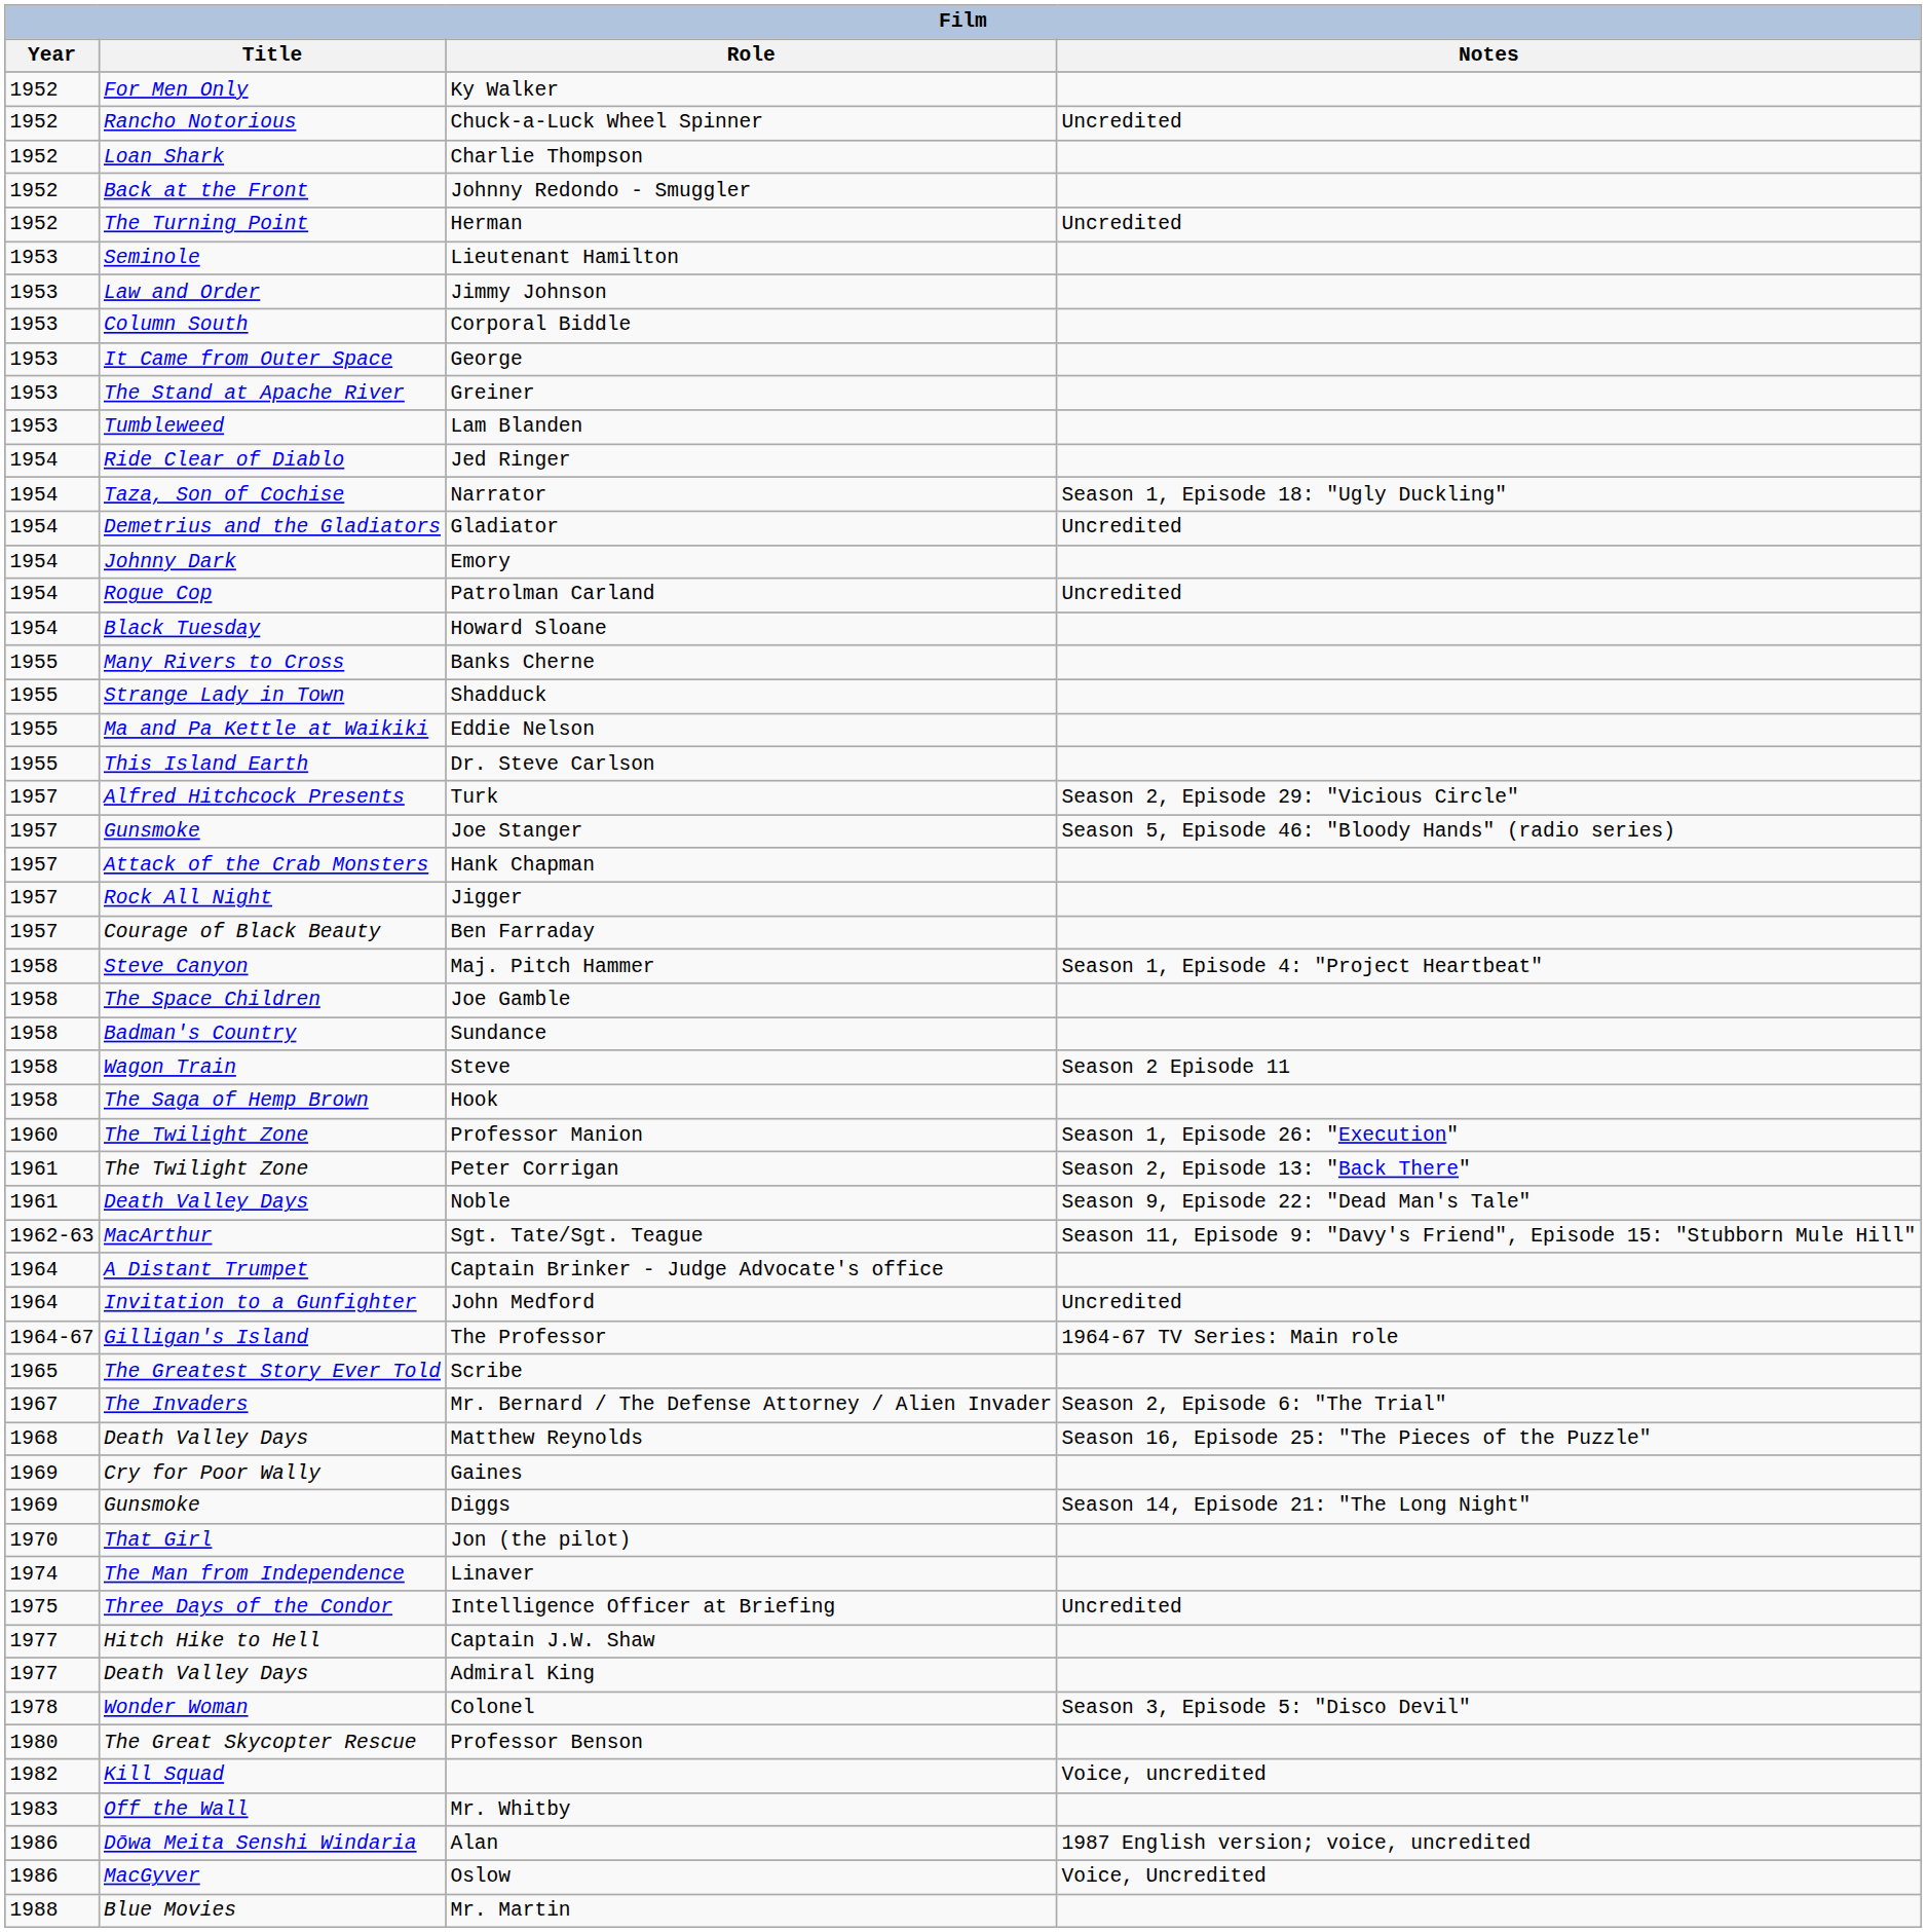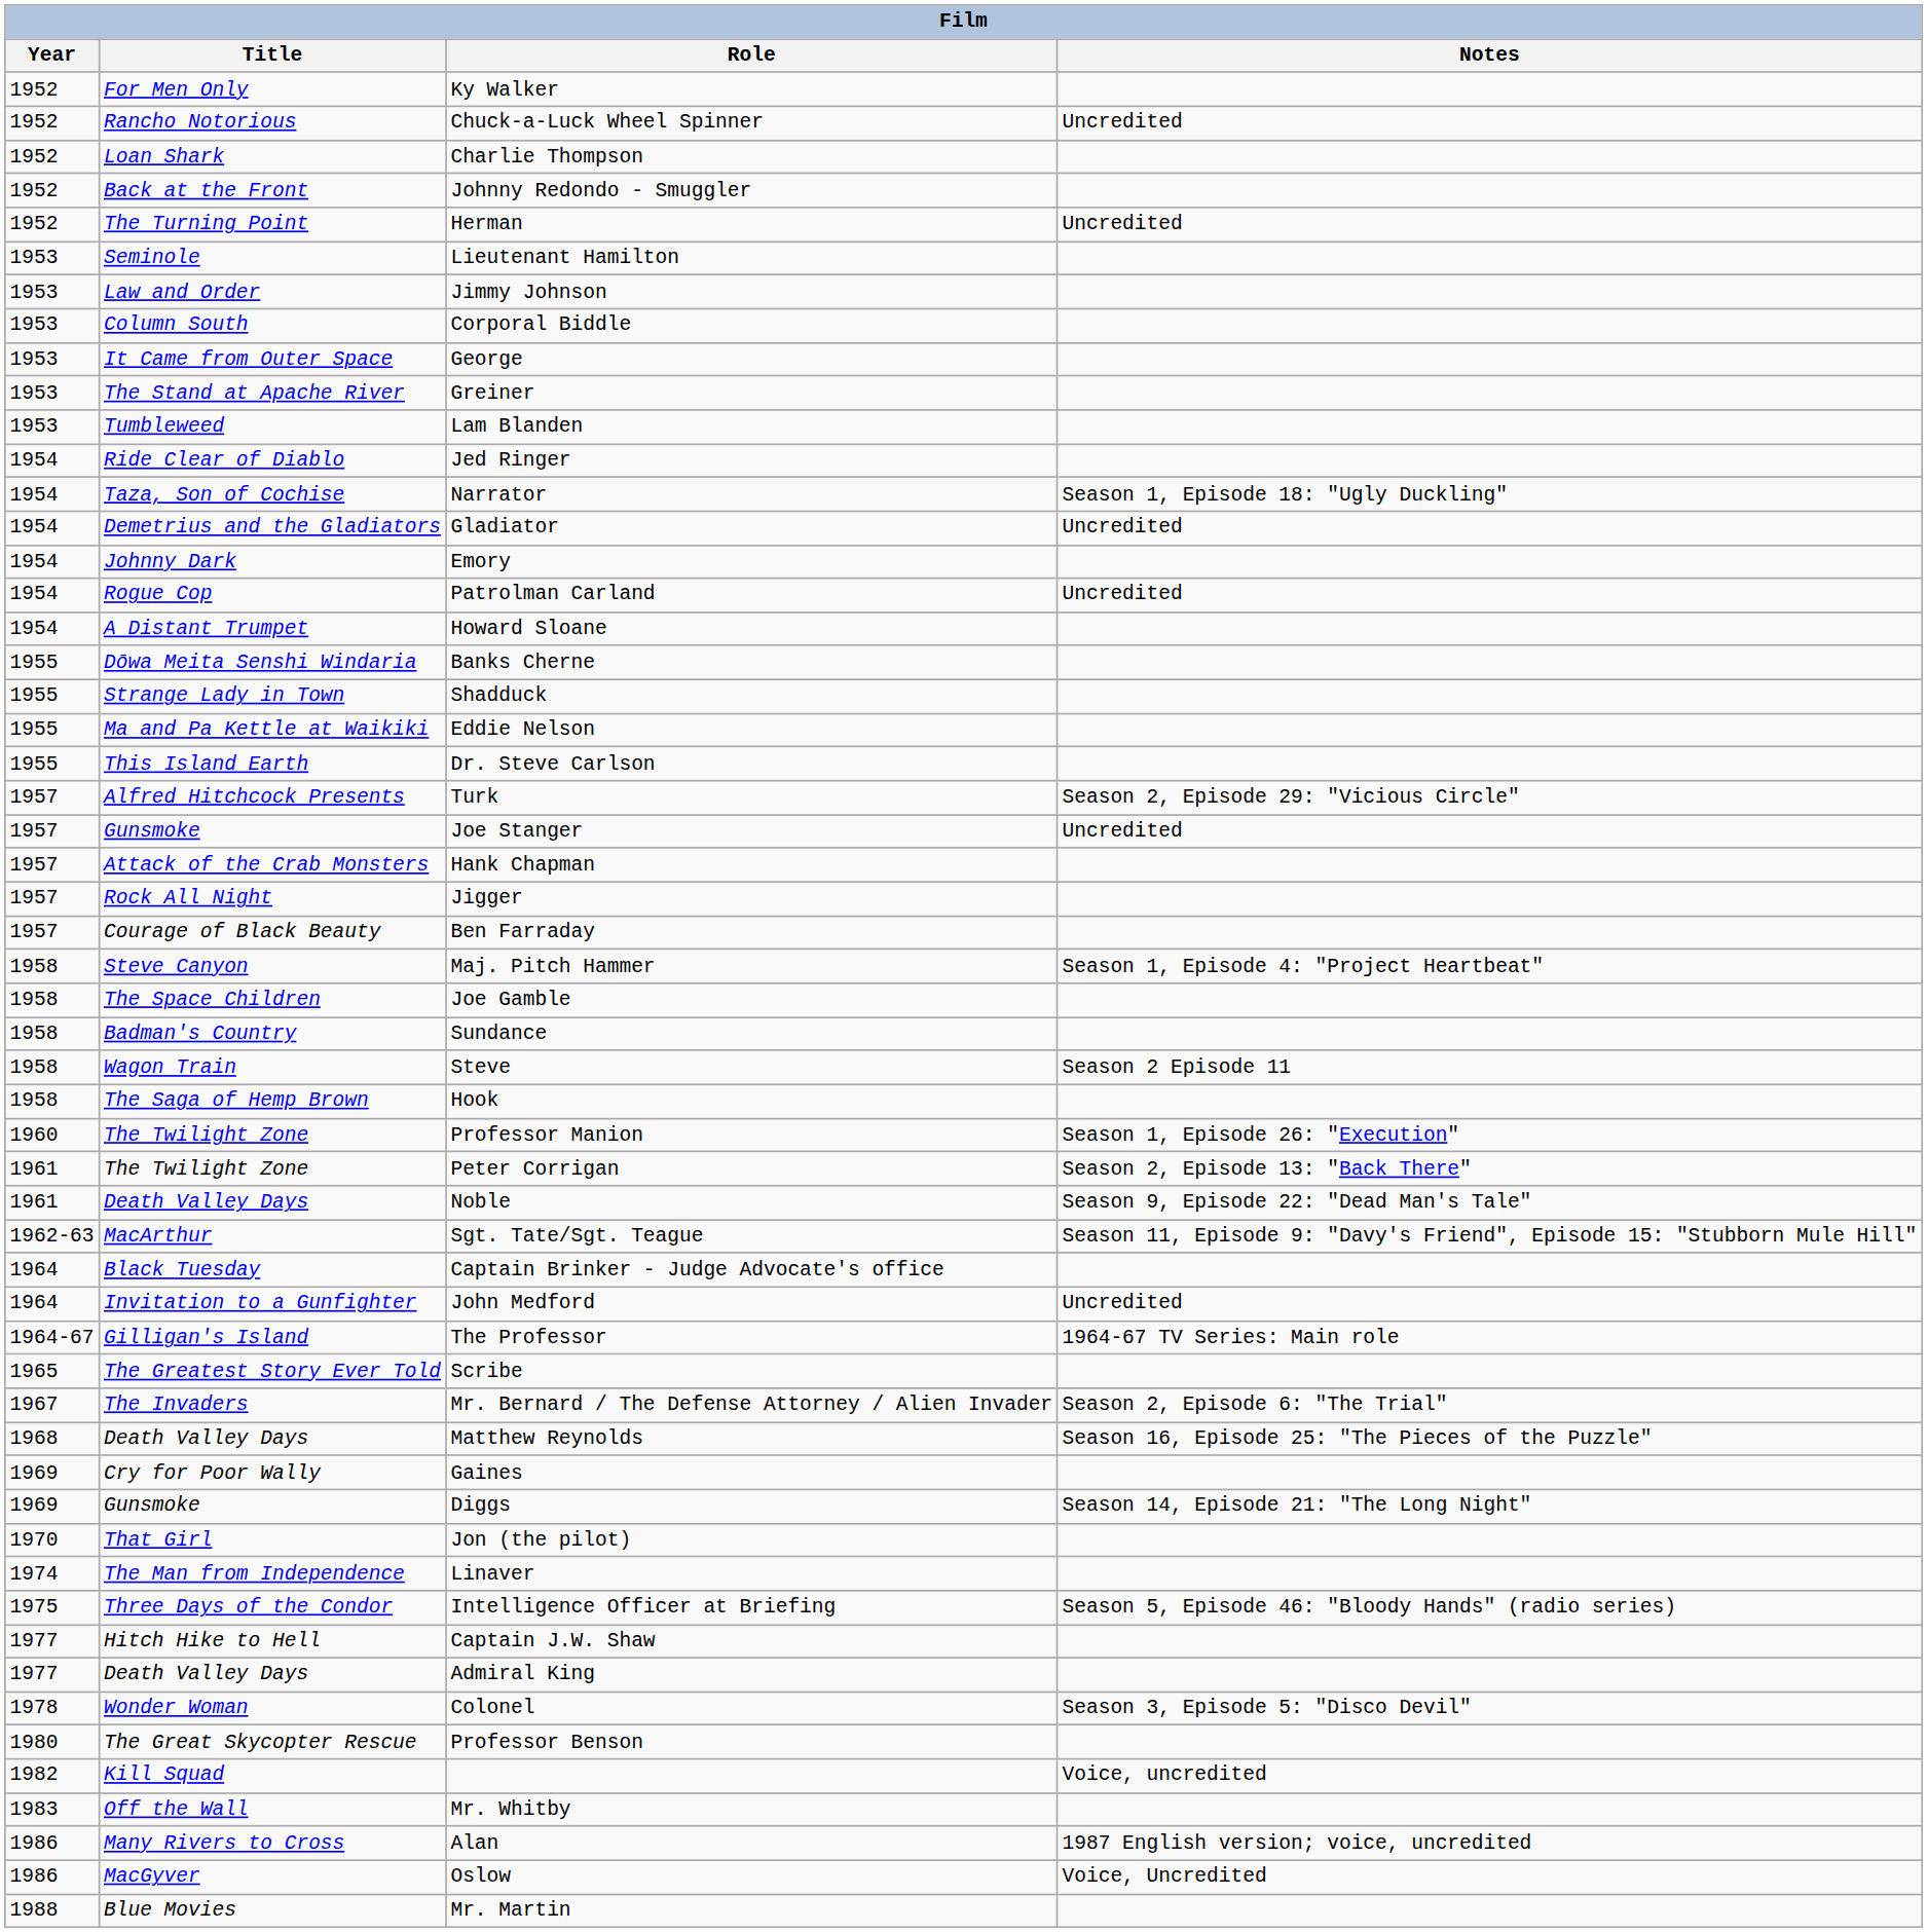 <table class="wikitable" style="font-size: 90%;">
 <tr>
 <th colspan="4" style="background: LightSteelBlue;">Film</th>
 </tr>
 <tr>
 <th>Year</th>
 <th>Title</th>
 <th>Role</th>
 <th>Notes</th>
 </tr>
 <tr>
 <td>1952</td>
 <td><em><a href='#'>For Men Only</a></em></td>
 <td>Ky Walker</td>
 <td></td>
 </tr>
 <tr>
 <td>1952</td>
 <td><em><a href='#'>Rancho Notorious</a></em></td>
 <td>Chuck-a-Luck Wheel Spinner</td>
 <td>Uncredited</td>
 </tr>
 <tr>
 <td>1952</td>
 <td><em><a href='#'>Loan Shark</a></em></td>
 <td>Charlie Thompson</td>
 <td></td>
 </tr>
 <tr>
 <td>1952</td>
 <td><em><a href='#'>Back at the Front</a></em></td>
 <td>Johnny Redondo - Smuggler</td>
 <td></td>
 </tr>
 <tr>
 <td>1952</td>
 <td><em><a href='#'>The Turning Point</a></em></td>
 <td>Herman</td>
 <td>Uncredited</td>
 </tr>
 <tr>
 <td>1953</td>
 <td><em><a href='#'>Seminole</a></em></td>
 <td>Lieutenant Hamilton</td>
 <td></td>
 </tr>
 <tr>
 <td>1953</td>
 <td><em><a href='#'>Law and Order</a></em></td>
 <td>Jimmy Johnson</td>
 <td></td>
 </tr>
 <tr>
 <td>1953</td>
 <td><em><a href='#'>Column South</a></em></td>
 <td>Corporal Biddle</td>
 <td></td>
 </tr>
 <tr>
 <td>1953</td>
 <td><em><a href='#'>It Came from Outer Space</a></em></td>
 <td>George</td>
 <td></td>
 </tr>
 <tr>
 <td>1953</td>
 <td><em><a href='#'>The Stand at Apache River</a></em></td>
 <td>Greiner</td>
 <td></td>
 </tr>
 <tr>
 <td>1953</td>
 <td><em><a href='#'>Tumbleweed</a></em></td>
 <td>Lam Blanden</td>
 <td></td>
 </tr>
 <tr>
 <td>1954</td>
 <td><em><a href='#'>Ride Clear of Diablo</a></em></td>
 <td>Jed Ringer</td>
 <td></td>
 </tr>
 <tr>
 <td>1954</td>
 <td><em><a href='#'>Taza, Son of Cochise</a></em></td>
 <td>Narrator</td>
 <td>Season 1, Episode 18: "Ugly Duckling"</td>
 </tr>
 <tr>
 <td>1954</td>
 <td><em><a href='#'>Demetrius and the Gladiators</a></em></td>
 <td>Gladiator</td>
 <td>Uncredited</td>
 </tr>
 <tr>
 <td>1954</td>
 <td><em><a href='#'>Johnny Dark</a></em></td>
 <td>Emory</td>
 <td></td>
 </tr>
 <tr>
 <td>1954</td>
 <td><em><a href='#'>Rogue Cop</a></em></td>
 <td>Patrolman Carland</td>
 <td>Uncredited</td>
 </tr>
 <tr>
 <td>1954</td>
-<td><em><a href='#'>Black Tuesday</a></em></td>
+<td><em><a href='#'>A Distant Trumpet</a></em></td>
 <td>Howard Sloane</td>
 <td></td>
 </tr>
 <tr>
 <td>1955</td>
-<td><em><a href='#'>Many Rivers to Cross</a></em></td>
+<td><em><a href='#'>Dōwa Meita Senshi Windaria</a></em></td>
 <td>Banks Cherne</td>
 <td></td>
 </tr>
 <tr>
 <td>1955</td>
 <td><em><a href='#'>Strange Lady in Town</a></em></td>
 <td>Shadduck</td>
 <td></td>
 </tr>
 <tr>
 <td>1955</td>
 <td><em><a href='#'>Ma and Pa Kettle at Waikiki</a></em></td>
 <td>Eddie Nelson</td>
 <td></td>
 </tr>
 <tr>
 <td>1955</td>
 <td><em><a href='#'>This Island Earth</a></em></td>
 <td>Dr. Steve Carlson</td>
 <td></td>
 </tr>
 <tr>
 <td>1957</td>
 <td><em><a href='#'>Alfred Hitchcock Presents</a></em></td>
 <td>Turk</td>
 <td>Season 2, Episode 29: "Vicious Circle"</td>
 </tr>
 <tr>
 <td>1957</td>
 <td><em><a href='#'>Gunsmoke</a></em></td>
 <td>Joe Stanger</td>
-<td>Season 5, Episode 46: "Bloody Hands" (radio series)</td>
+<td>Uncredited</td>
 </tr>
 <tr>
 <td>1957</td>
 <td><em><a href='#'>Attack of the Crab Monsters</a></em></td>
 <td>Hank Chapman</td>
 <td></td>
 </tr>
 <tr>
 <td>1957</td>
 <td><em><a href='#'>Rock All Night</a></em></td>
 <td>Jigger</td>
 <td></td>
 </tr>
 <tr>
 <td>1957</td>
 <td><em>Courage of Black Beauty</em></td>
 <td>Ben Farraday</td>
 <td></td>
 </tr>
 <tr>
 <td>1958</td>
 <td><em><a href='#'>Steve Canyon</a></em></td>
 <td>Maj. Pitch Hammer</td>
 <td>Season 1, Episode 4: "Project Heartbeat"</td>
 </tr>
 <tr>
 <td>1958</td>
 <td><em><a href='#'>The Space Children</a></em></td>
 <td>Joe Gamble</td>
 <td></td>
 </tr>
 <tr>
 <td>1958</td>
 <td><em><a href='#'>Badman's Country</a></em></td>
 <td>Sundance</td>
 <td></td>
 </tr>
 <tr>
 <td>1958</td>
 <td><em><a href='#'>Wagon Train</a></em></td>
 <td>Steve</td>
 <td>Season 2 Episode 11</td>
 </tr>
 <tr>
 <td>1958</td>
 <td><em><a href='#'>The Saga of Hemp Brown</a></em></td>
 <td>Hook</td>
 <td></td>
 </tr>
 <tr>
 <td>1960</td>
 <td><em><a href='#'>The Twilight Zone</a></em></td>
 <td>Professor Manion</td>
 <td>Season 1, Episode 26: "<a href='#'>Execution</a>"</td>
 </tr>
 <tr>
 <td>1961</td>
 <td><em>The Twilight Zone</em></td>
 <td>Peter Corrigan</td>
 <td>Season 2, Episode 13: "<a href='#'>Back There</a>"</td>
 </tr>
 <tr>
 <td>1961</td>
 <td><em><a href='#'>Death Valley Days</a></em></td>
 <td>Noble</td>
 <td>Season 9, Episode 22: "Dead Man's Tale"</td>
 </tr>
 <tr>
 <td>1962-63</td>
 <td><em><a href='#'>MacArthur</a></em></td>
 <td>Sgt. Tate/Sgt. Teague</td>
 <td>Season 11, Episode 9: "Davy's Friend", Episode 15: "Stubborn Mule Hill"</td>
 </tr>
 <tr>
 <td>1964</td>
-<td><em><a href='#'>A Distant Trumpet</a></em></td>
+<td><em><a href='#'>Black Tuesday</a></em></td>
 <td>Captain Brinker - Judge Advocate's office</td>
 <td></td>
 </tr>
 <tr>
 <td>1964</td>
 <td><em><a href='#'>Invitation to a Gunfighter</a></em></td>
 <td>John Medford</td>
 <td>Uncredited</td>
 </tr>
 <tr>
 <td>1964-67</td>
 <td><em><a href='#'>Gilligan's Island</a></em></td>
 <td>The Professor</td>
 <td>1964-67 TV Series: Main role</td>
 </tr>
 <tr>
 <td>1965</td>
 <td><em><a href='#'>The Greatest Story Ever Told</a></em></td>
 <td>Scribe</td>
 <td></td>
 </tr>
 <tr>
 <td>1967</td>
 <td><em><a href='#'>The Invaders</a></em></td>
 <td>Mr. Bernard / The Defense Attorney / Alien Invader</td>
 <td>Season 2, Episode 6: "The Trial"</td>
 </tr>
 <tr>
 <td>1968</td>
 <td><em>Death Valley Days</em></td>
 <td>Matthew Reynolds</td>
 <td>Season 16, Episode 25: "The Pieces of the Puzzle"</td>
 </tr>
 <tr>
 <td>1969</td>
 <td><em>Cry for Poor Wally</em></td>
 <td>Gaines</td>
 <td></td>
 </tr>
 <tr>
 <td>1969</td>
 <td><em>Gunsmoke</em></td>
 <td>Diggs</td>
 <td>Season 14, Episode 21: "The Long Night"</td>
 </tr>
 <tr>
 <td>1970</td>
 <td><em><a href='#'>That Girl</a></em></td>
 <td>Jon (the pilot)</td>
 <td></td>
 </tr>
 <tr>
 <td>1974</td>
 <td><em><a href='#'>The Man from Independence</a></em></td>
 <td>Linaver</td>
 <td></td>
 </tr>
 <tr>
 <td>1975</td>
 <td><em><a href='#'>Three Days of the Condor</a></em></td>
 <td>Intelligence Officer at Briefing</td>
-<td>Uncredited</td>
+<td>Season 5, Episode 46: "Bloody Hands" (radio series)</td>
 </tr>
 <tr>
 <td>1977</td>
 <td><em>Hitch Hike to Hell</em></td>
 <td>Captain J.W. Shaw</td>
 <td></td>
 </tr>
 <tr>
 <td>1977</td>
 <td><em>Death Valley Days</em></td>
 <td>Admiral King</td>
 <td></td>
 </tr>
 <tr>
 <td>1978</td>
 <td><em><a href='#'>Wonder Woman</a></em></td>
 <td>Colonel</td>
 <td>Season 3, Episode 5: "Disco Devil"</td>
 </tr>
 <tr>
 <td>1980</td>
 <td><em>The Great Skycopter Rescue</em></td>
 <td>Professor Benson</td>
 <td></td>
 </tr>
 <tr>
 <td>1982</td>
 <td><em><a href='#'>Kill Squad</a></em></td>
 <td></td>
 <td>Voice, uncredited</td>
 </tr>
 <tr>
 <td>1983</td>
 <td><em><a href='#'>Off the Wall</a></em></td>
 <td>Mr. Whitby</td>
 <td></td>
 </tr>
 <tr>
 <td>1986</td>
-<td><em><a href='#'>Dōwa Meita Senshi Windaria</a></em></td>
+<td><em><a href='#'>Many Rivers to Cross</a></em></td>
 <td>Alan</td>
 <td>1987 English version; voice, uncredited</td>
 </tr>
 <tr>
 <td>1986</td>
 <td><em><a href='#'>MacGyver</a></em></td>
 <td>Oslow</td>
 <td>Voice, Uncredited</td>
 </tr>
 <tr>
 <td>1988</td>
 <td><em>Blue Movies</em></td>
 <td>Mr. Martin</td>
 <td></td>
 </tr>
 </table>
